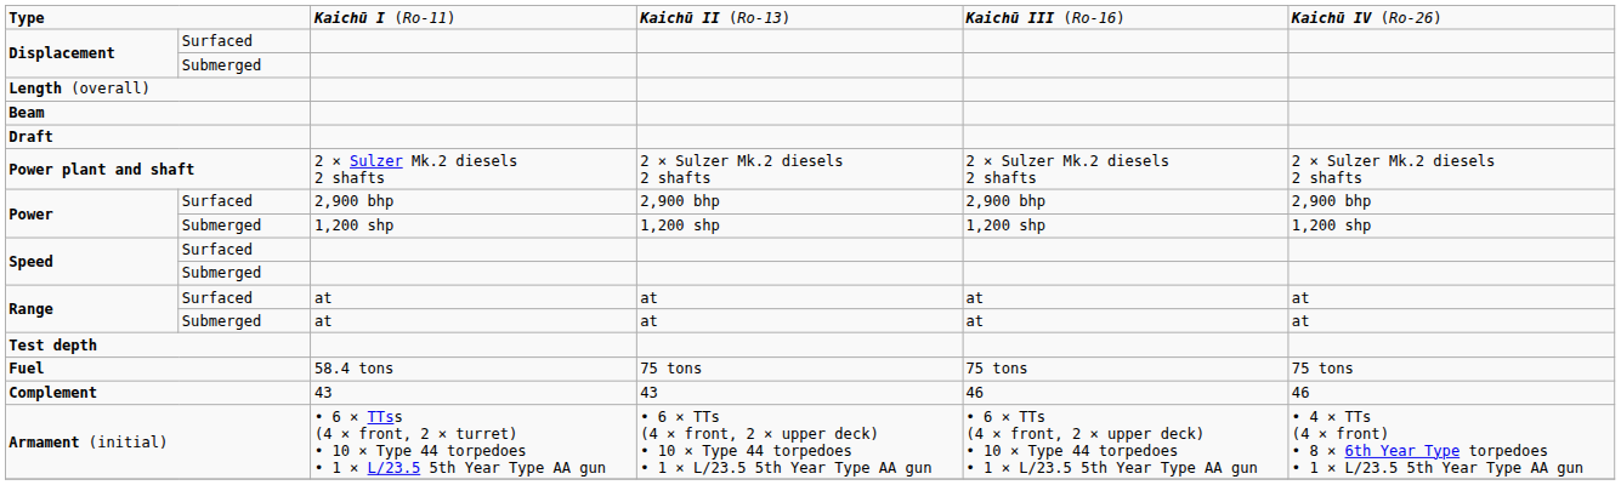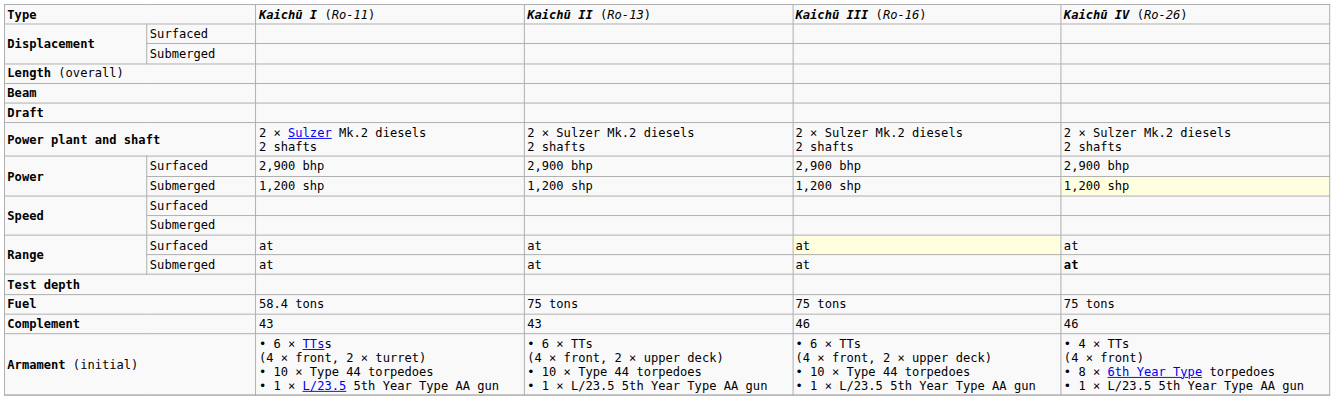 <table class="wikitable" width="90%">
 <tr>
 <td width="15%" colspan="2"><strong>Type</strong></td>
 <td width="16%"><strong><em>Kaichū I</em></strong> (<em>Ro-11</em>)</td>
 <td width="16%"><strong><em>Kaichū II</em></strong> (<em>Ro-13</em>)</td>
 <td width="16%"><strong><em>Kaichū III</em></strong> (<em>Ro-16</em>)</td>
 <td width="16%"><strong><em>Kaichū IV</em></strong> (<em>Ro-26</em>)</td>
 </tr>
 <tr>
 <td rowspan="2"><strong>Displacement</strong></td>
 <td>Surfaced</td>
 <td></td>
 <td></td>
 <td></td>
 <td></td>
 </tr>
 <tr>
 <td>Submerged</td>
 <td></td>
 <td></td>
 <td></td>
 <td></td>
 </tr>
 <tr>
 <td colspan="2"><strong>Length</strong> (overall)</td>
 <td></td>
 <td></td>
 <td></td>
 <td></td>
 </tr>
 <tr>
 <td colspan="2"><strong>Beam</strong></td>
 <td></td>
 <td></td>
 <td></td>
 <td></td>
 </tr>
 <tr>
 <td colspan="2"><strong>Draft</strong></td>
 <td></td>
 <td></td>
 <td></td>
 <td></td>
 </tr>
 <tr>
 <td colspan="2"><strong>Power plant and shaft</strong></td>
 <td>2 × <a href='#'>Sulzer</a> Mk.2 diesels<br>2 shafts</td>
 <td>2 × Sulzer Mk.2 diesels<br>2 shafts</td>
 <td>2 × Sulzer Mk.2 diesels<br>2 shafts</td>
 <td>2 × Sulzer Mk.2 diesels<br>2 shafts</td>
 </tr>
 <tr>
 <td rowspan="2"><strong>Power</strong></td>
 <td>Surfaced</td>
 <td>2,900 bhp</td>
 <td>2,900 bhp</td>
 <td>2,900 bhp</td>
 <td>2,900 bhp</td>
 </tr>
 <tr>
 <td>Submerged</td>
 <td>1,200 shp</td>
 <td>1,200 shp</td>
 <td>1,200 shp</td>
-<td>1,200 shp</td>
+<td style="background: lightyellow;">1,200 shp</td>
 </tr>
 <tr>
 <td rowspan="2"><strong>Speed</strong></td>
 <td>Surfaced</td>
 <td></td>
 <td></td>
 <td></td>
 <td></td>
 </tr>
 <tr>
 <td>Submerged</td>
 <td></td>
 <td></td>
 <td></td>
 <td></td>
 </tr>
 <tr>
 <td rowspan="2"><strong>Range</strong></td>
 <td>Surfaced</td>
 <td> at </td>
 <td> at </td>
-<td> at </td>
+<td style="background: lightyellow;"> at </td>
 <td> at </td>
 </tr>
 <tr>
 <td>Submerged</td>
 <td> at </td>
 <td> at </td>
 <td> at </td>
-<td> at </td>
+<td><strong> at </strong></td>
 </tr>
 <tr>
 <td colspan="2"><strong>Test depth</strong></td>
 <td></td>
 <td></td>
 <td></td>
 <td></td>
 </tr>
 <tr>
 <td colspan="2"><strong>Fuel</strong></td>
 <td>58.4 tons</td>
 <td>75 tons</td>
 <td>75 tons</td>
 <td>75 tons</td>
 </tr>
 <tr>
 <td colspan="2"><strong>Complement</strong></td>
 <td>43</td>
 <td>43</td>
 <td>46</td>
 <td>46</td>
 </tr>
 <tr>
 <td colspan="2"><strong>Armament</strong> (initial)</td>
 <td>• 6 ×  <a href='#'>TTs</a>s<br>(4 × front, 2 × turret)<br>• 10 × Type 44 torpedoes<br>• 1 × <a href='#'></a> <a href='#'>L/23.5</a> 5th Year Type AA gun</td>
 <td>• 6 ×  TTs<br>(4 × front, 2 × upper deck)<br>• 10 × Type 44 torpedoes<br>• 1 ×  L/23.5 5th Year Type AA gun</td>
 <td>• 6 ×  TTs<br>(4 × front, 2 × upper deck)<br>• 10 × Type 44 torpedoes<br>• 1 ×  L/23.5 5th Year Type AA gun</td>
 <td>• 4 ×  TTs<br>(4 × front)<br>• 8 × <a href='#'>6th Year Type</a> torpedoes<br>• 1 ×  L/23.5 5th Year Type AA gun</td>
 </tr>
 <tr>
 </tr>
 </table>
